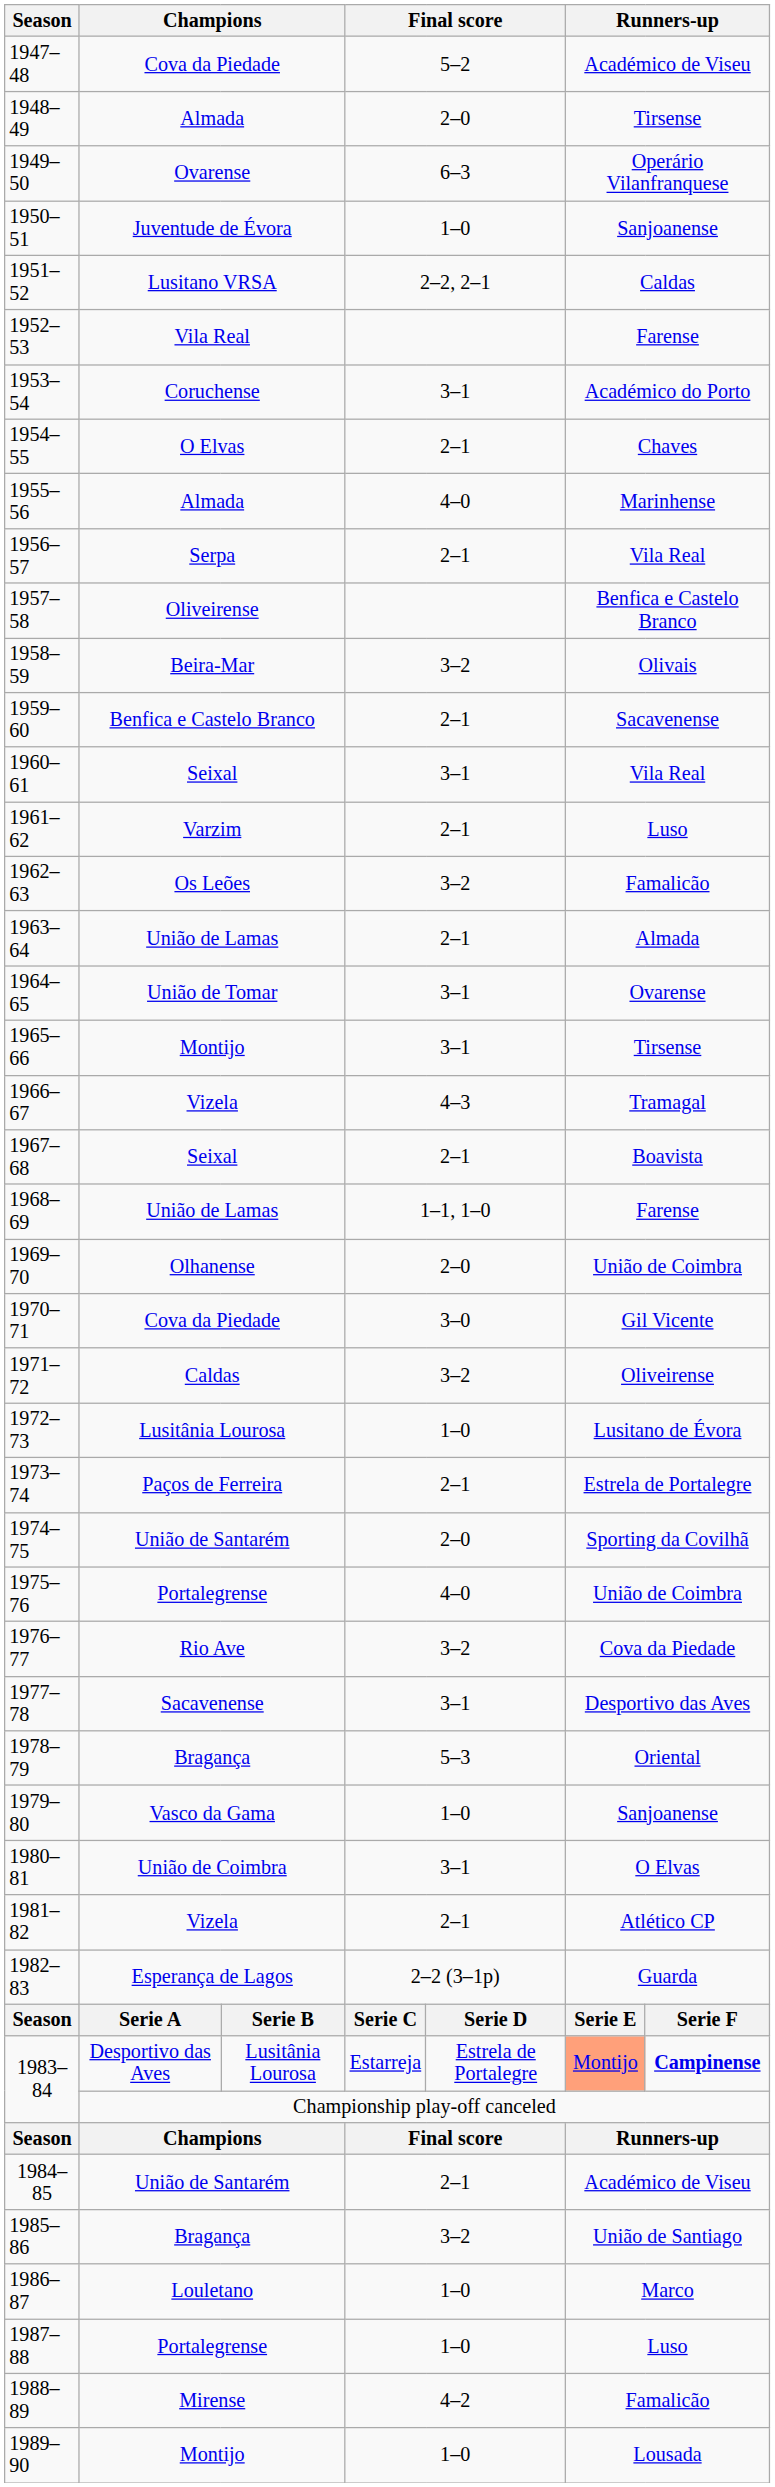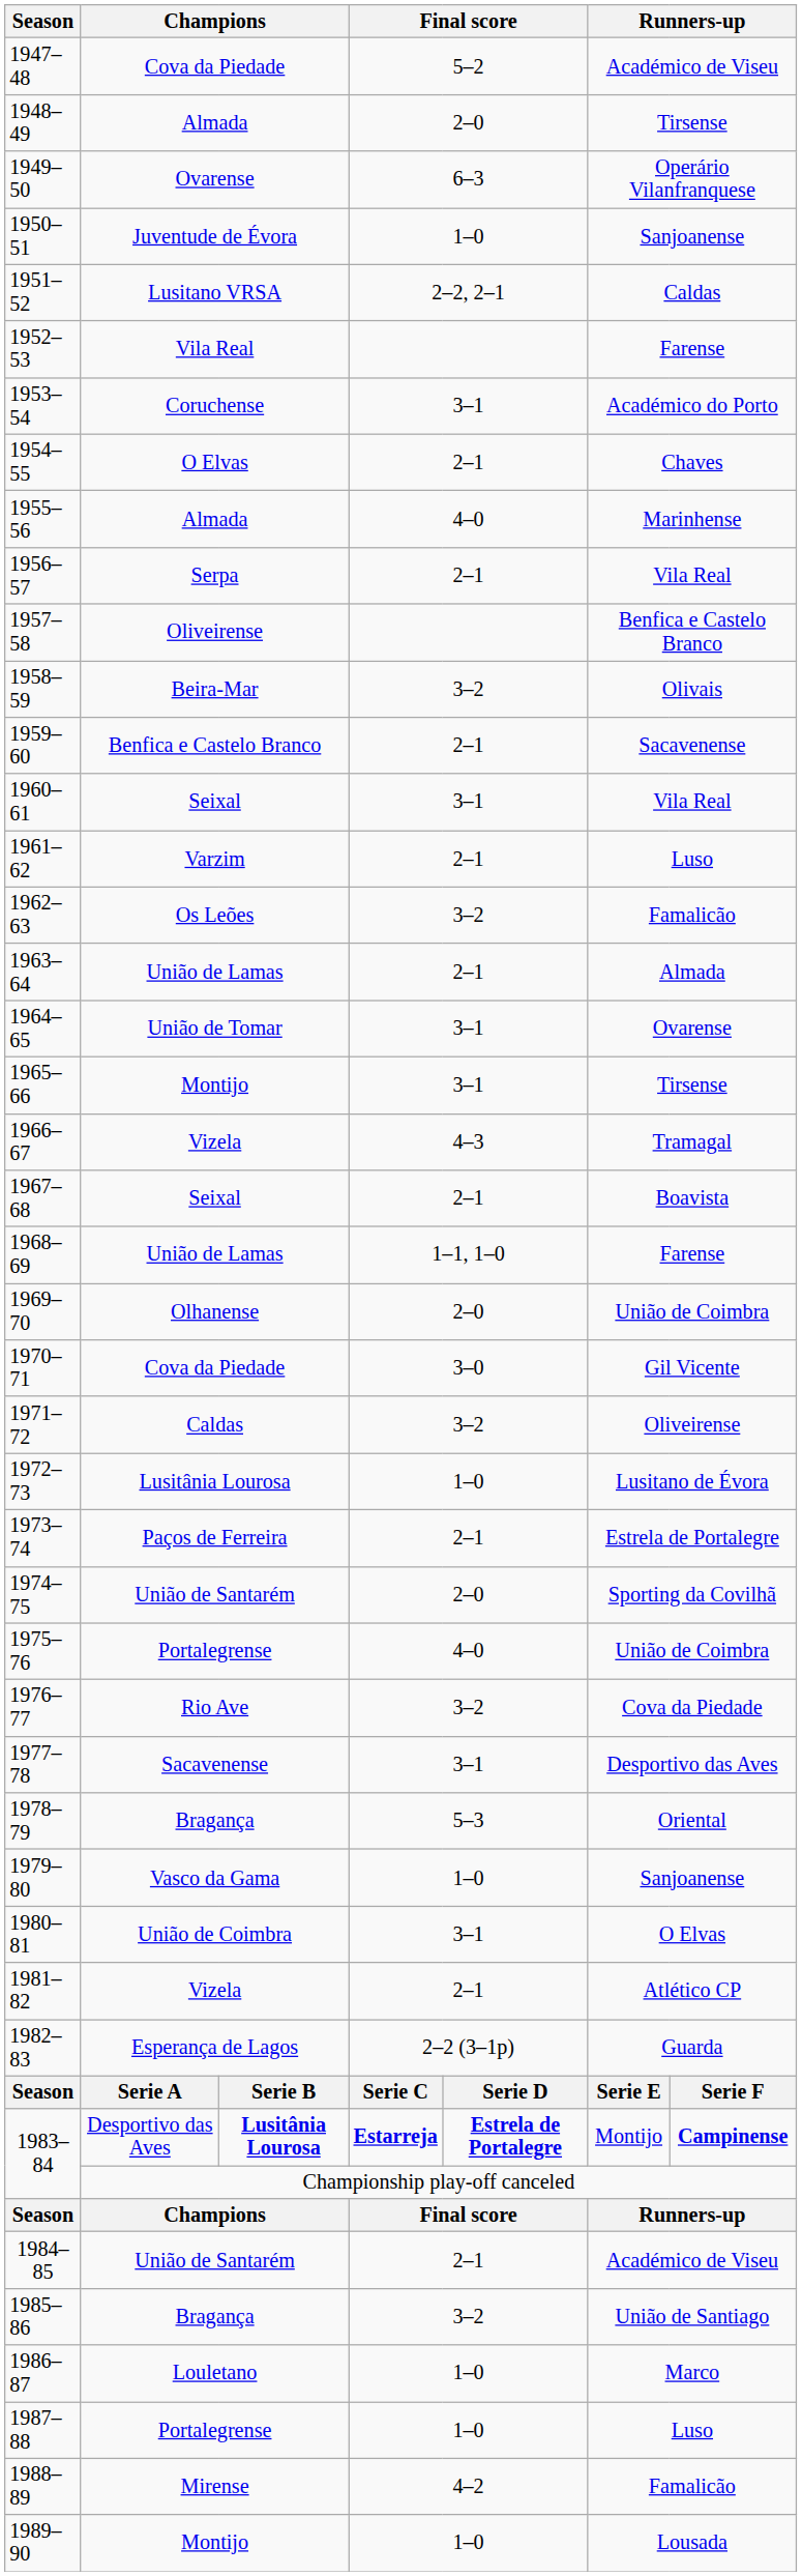 <table class="wikitable">
 <tr>
 <th>Season</th>
 <th colspan=2>Champions</th>
 <th colspan=2>Final score</th>
 <th colspan=2>Runners-up</th>
 </tr>
 <tr>
 <td>1947–48</td>
 <td colspan=2 align=center><a href='#'>Cova da Piedade</a></td>
 <td colspan=2 align=center>5–2</td>
 <td colspan=2 align=center><a href='#'>Académico de Viseu</a></td>
 </tr>
 <tr>
 <td>1948–49</td>
 <td colspan=2 align=center><a href='#'>Almada</a></td>
 <td colspan=2 align=center>2–0</td>
 <td colspan=2 align=center><a href='#'>Tirsense</a></td>
 </tr>
 <tr>
 <td>1949–50</td>
 <td colspan=2 align=center><a href='#'>Ovarense</a></td>
 <td colspan=2 align=center>6–3</td>
 <td colspan=2 align=center><a href='#'>Operário Vilanfranquese</a></td>
 </tr>
 <tr>
 <td>1950–51</td>
 <td colspan=2 align=center><a href='#'>Juventude de Évora</a></td>
 <td colspan=2 align=center>1–0</td>
 <td colspan=2 align=center><a href='#'>Sanjoanense</a></td>
 </tr>
 <tr>
 <td>1951–52</td>
 <td colspan=2 align=center><a href='#'>Lusitano VRSA</a></td>
 <td colspan=2 align=center>2–2, 2–1</td>
 <td colspan=2 align=center><a href='#'>Caldas</a></td>
 </tr>
 <tr>
 <td>1952–53</td>
 <td colspan=2 align=center><a href='#'>Vila Real</a></td>
 <td colspan=2 align=center></td>
 <td colspan=2 align=center><a href='#'>Farense</a></td>
 </tr>
 <tr>
 <td>1953–54</td>
 <td colspan=2 align=center><a href='#'>Coruchense</a></td>
 <td colspan=2 align=center>3–1</td>
 <td colspan=2 align=center><a href='#'>Académico do Porto</a></td>
 </tr>
 <tr>
 <td>1954–55</td>
 <td colspan=2 align=center><a href='#'>O Elvas</a></td>
 <td colspan=2 align=center>2–1</td>
 <td colspan=2 align=center><a href='#'>Chaves</a></td>
 </tr>
 <tr>
 <td>1955–56</td>
 <td colspan=2 align=center><a href='#'>Almada</a></td>
 <td colspan=2 align=center>4–0</td>
 <td colspan=2 align=center><a href='#'>Marinhense</a></td>
 </tr>
 <tr>
 <td>1956–57</td>
 <td colspan=2 align=center><a href='#'>Serpa</a></td>
 <td colspan=2 align=center>2–1</td>
 <td colspan=2 align=center><a href='#'>Vila Real</a></td>
 </tr>
 <tr>
 <td>1957–58</td>
 <td colspan=2 align=center><a href='#'>Oliveirense</a></td>
 <td colspan=2 align=center></td>
 <td colspan=2 align=center><a href='#'>Benfica e Castelo Branco</a></td>
 </tr>
 <tr>
 <td>1958–59</td>
 <td colspan=2 align=center><a href='#'>Beira-Mar</a></td>
 <td colspan=2 align=center>3–2</td>
 <td colspan=2 align=center><a href='#'>Olivais</a></td>
 </tr>
 <tr>
 <td>1959–60</td>
 <td colspan=2 align=center><a href='#'>Benfica e Castelo Branco</a></td>
 <td colspan=2 align=center>2–1</td>
 <td colspan=2 align=center><a href='#'>Sacavenense</a></td>
 </tr>
 <tr>
 <td>1960–61</td>
 <td colspan=2 align=center><a href='#'>Seixal</a></td>
 <td colspan=2 align=center>3–1</td>
 <td colspan=2 align=center><a href='#'>Vila Real</a></td>
 </tr>
 <tr>
 <td>1961–62</td>
 <td colspan=2 align=center><a href='#'>Varzim</a></td>
 <td colspan=2 align=center>2–1</td>
 <td colspan=2 align=center><a href='#'>Luso</a></td>
 </tr>
 <tr>
 <td>1962–63</td>
 <td colspan=2 align=center><a href='#'>Os Leões</a></td>
 <td colspan=2 align=center>3–2</td>
 <td colspan=2 align=center><a href='#'>Famalicão</a></td>
 </tr>
 <tr>
 <td>1963–64</td>
 <td colspan=2 align=center><a href='#'>União de Lamas</a></td>
 <td colspan=2 align=center>2–1</td>
 <td colspan=2 align=center><a href='#'>Almada</a></td>
 </tr>
 <tr>
 <td>1964–65</td>
 <td colspan=2 align=center><a href='#'>União de Tomar</a></td>
 <td colspan=2 align=center>3–1</td>
 <td colspan=2 align=center><a href='#'>Ovarense</a></td>
 </tr>
 <tr>
 <td>1965–66</td>
 <td colspan=2 align=center><a href='#'>Montijo</a></td>
 <td colspan=2 align=center>3–1</td>
 <td colspan=2 align=center><a href='#'>Tirsense</a></td>
 </tr>
 <tr>
 <td>1966–67</td>
 <td colspan=2 align=center><a href='#'>Vizela</a></td>
 <td colspan=2 align=center>4–3</td>
 <td colspan=2 align=center><a href='#'>Tramagal</a></td>
 </tr>
 <tr>
 <td>1967–68</td>
 <td colspan=2 align=center><a href='#'>Seixal</a></td>
 <td colspan=2 align=center>2–1</td>
 <td colspan=2 align=center><a href='#'>Boavista</a></td>
 </tr>
 <tr>
 <td>1968–69</td>
 <td colspan=2 align=center><a href='#'>União de Lamas</a></td>
 <td colspan=2 align=center>1–1, 1–0</td>
 <td colspan=2 align=center><a href='#'>Farense</a></td>
 </tr>
 <tr>
 <td>1969–70</td>
 <td colspan=2 align=center><a href='#'>Olhanense</a></td>
 <td colspan=2 align=center>2–0</td>
 <td colspan=2 align=center><a href='#'>União de Coimbra</a></td>
 </tr>
 <tr>
 <td>1970–71</td>
 <td colspan=2 align=center><a href='#'>Cova da Piedade</a></td>
 <td colspan=2 align=center>3–0</td>
 <td colspan=2 align=center><a href='#'>Gil Vicente</a></td>
 </tr>
 <tr>
 <td>1971–72</td>
 <td colspan=2 align=center><a href='#'>Caldas</a></td>
 <td colspan=2 align=center>3–2</td>
 <td colspan=2 align=center><a href='#'>Oliveirense</a></td>
 </tr>
 <tr>
 <td>1972–73</td>
 <td colspan=2 align=center><a href='#'>Lusitânia Lourosa</a></td>
 <td colspan=2 align=center>1–0</td>
 <td colspan=2 align=center><a href='#'>Lusitano de Évora</a></td>
 </tr>
 <tr>
 <td>1973–74</td>
 <td colspan=2 align=center><a href='#'>Paços de Ferreira</a></td>
 <td colspan=2 align=center>2–1</td>
 <td colspan=2 align=center><a href='#'>Estrela de Portalegre</a></td>
 </tr>
 <tr>
 <td>1974–75</td>
 <td colspan=2 align=center><a href='#'>União de Santarém</a></td>
 <td colspan=2 align=center>2–0</td>
 <td colspan=2 align=center><a href='#'>Sporting da Covilhã</a></td>
 </tr>
 <tr>
 <td>1975–76</td>
 <td colspan=2 align=center><a href='#'>Portalegrense</a></td>
 <td colspan=2 align=center>4–0</td>
 <td colspan=2 align=center><a href='#'>União de Coimbra</a></td>
 </tr>
 <tr>
 <td>1976–77</td>
 <td colspan=2 align=center><a href='#'>Rio Ave</a></td>
 <td colspan=2 align=center>3–2</td>
 <td colspan=2 align=center><a href='#'>Cova da Piedade</a></td>
 </tr>
 <tr>
 <td>1977–78</td>
 <td colspan=2 align=center><a href='#'>Sacavenense</a></td>
 <td colspan=2 align=center>3–1</td>
 <td colspan=2 align=center><a href='#'>Desportivo das Aves</a></td>
 </tr>
 <tr>
 <td>1978–79</td>
 <td colspan=2 align=center><a href='#'>Bragança</a></td>
 <td colspan=2 align=center>5–3</td>
 <td colspan=2 align=center><a href='#'>Oriental</a></td>
 </tr>
 <tr>
 <td>1979–80</td>
 <td colspan=2 align=center><a href='#'>Vasco da Gama</a></td>
 <td colspan=2 align=center>1–0</td>
 <td colspan=2 align=center><a href='#'>Sanjoanense</a></td>
 </tr>
 <tr>
 <td>1980–81</td>
 <td colspan=2 align=center><a href='#'>União de Coimbra</a></td>
 <td colspan=2 align=center>3–1</td>
 <td colspan=2 align=center><a href='#'>O Elvas</a></td>
 </tr>
 <tr>
 <td>1981–82</td>
 <td colspan=2 align=center><a href='#'>Vizela</a></td>
 <td colspan=2 align=center>2–1</td>
 <td colspan=2 align=center><a href='#'>Atlético CP</a></td>
 </tr>
 <tr>
 <td>1982–83</td>
 <td colspan=2 align=center><a href='#'>Esperança de Lagos</a></td>
 <td colspan=2 align=center>2–2 (3–1p)</td>
 <td colspan=2 align=center><a href='#'>Guarda</a></td>
 </tr>
 <tr>
 <th>Season</th>
 <th>Serie A</th>
 <th>Serie B</th>
 <th>Serie C</th>
 <th>Serie D</th>
 <th>Serie E</th>
 <th>Serie F</th>
 </tr>
 <tr>
 <td rowspan=2 align=center>1983–84</td>
 <td align=center><a href='#'>Desportivo das Aves</a></td>
-<td align=center><a href='#'>Lusitânia Lourosa</a></td>
-<td align=center><a href='#'>Estarreja</a></td>
-<td align=center><a href='#'>Estrela de Portalegre</a></td>
-<td align=center style="background: lightsalmon;"><a href='#'>Montijo</a></td>
+<td align=center><strong><a href='#'>Lusitânia Lourosa</a></strong></td>
+<td align=center><strong><a href='#'>Estarreja</a></strong></td>
+<td align=center><strong><a href='#'>Estrela de Portalegre</a></strong></td>
+<td align=center><a href='#'>Montijo</a></td>
 <td align=center><strong><a href='#'>Campinense</a></strong></td>
 </tr>
 <tr>
 <td colspan=6 align=center>Championship play-off canceled</td>
 </tr>
 <tr>
 <th>Season</th>
 <th colspan=2>Champions</th>
 <th colspan=2>Final score</th>
 <th colspan=2>Runners-up</th>
 </tr>
 <tr>
 <td align=center>1984–85</td>
 <td colspan=2 align=center><a href='#'>União de Santarém</a></td>
 <td colspan=2 align=center>2–1</td>
 <td colspan=2 align=center><a href='#'>Académico de Viseu</a></td>
 </tr>
 <tr>
 <td>1985–86</td>
 <td colspan=2 align=center><a href='#'>Bragança</a></td>
 <td colspan=2 align=center>3–2</td>
 <td colspan=2 align=center><a href='#'>União de Santiago</a></td>
 </tr>
 <tr>
 <td>1986–87</td>
 <td colspan=2 align=center><a href='#'>Louletano</a></td>
 <td colspan=2 align=center>1–0</td>
 <td colspan=2 align=center><a href='#'>Marco</a></td>
 </tr>
 <tr>
 <td>1987–88</td>
 <td colspan=2 align=center><a href='#'>Portalegrense</a></td>
 <td colspan=2 align=center>1–0</td>
 <td colspan=2 align=center><a href='#'>Luso</a></td>
 </tr>
 <tr>
 <td>1988–89</td>
 <td colspan=2 align=center><a href='#'>Mirense</a></td>
 <td colspan=2 align=center>4–2</td>
 <td colspan=2 align=center><a href='#'>Famalicão</a></td>
 </tr>
 <tr>
 <td>1989–90</td>
 <td colspan=2 align=center><a href='#'>Montijo</a></td>
 <td colspan=2 align=center>1–0</td>
 <td colspan=2 align=center><a href='#'>Lousada</a></td>
 </tr>
 </table>
